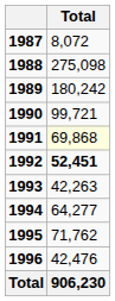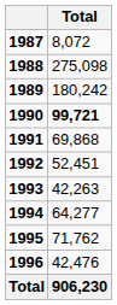 <table class="wikitable">
 <tr>
 <th></th>
 <th>Total</th>
 </tr>
 <tr>
 <td><strong>1987</strong></td>
 <td>8,072</td>
 </tr>
 <tr>
 <td><strong>1988</strong></td>
 <td>275,098</td>
 </tr>
 <tr>
 <td><strong>1989</strong></td>
 <td>180,242</td>
 </tr>
 <tr>
 <td><strong>1990</strong></td>
-<td>99,721</td>
+<td><strong>99,721</strong></td>
 </tr>
 <tr>
 <td><strong>1991</strong></td>
-<td style="background: lightyellow;">69,868</td>
+<td>69,868</td>
 </tr>
 <tr>
 <td><strong>1992</strong></td>
-<td><strong>52,451</strong></td>
+<td>52,451</td>
 </tr>
 <tr>
 <td><strong>1993</strong></td>
 <td>42,263</td>
 </tr>
 <tr>
 <td><strong>1994</strong></td>
 <td>64,277</td>
 </tr>
 <tr>
 <td><strong>1995</strong></td>
 <td>71,762</td>
 </tr>
 <tr>
 <td><strong>1996</strong></td>
 <td>42,476</td>
 </tr>
 <tr>
 <th>Total</th>
 <th>906,230</th>
 </tr>
 </table>
